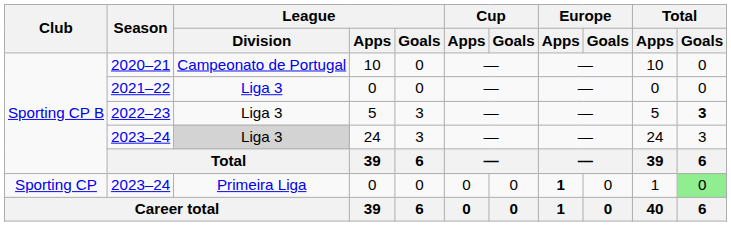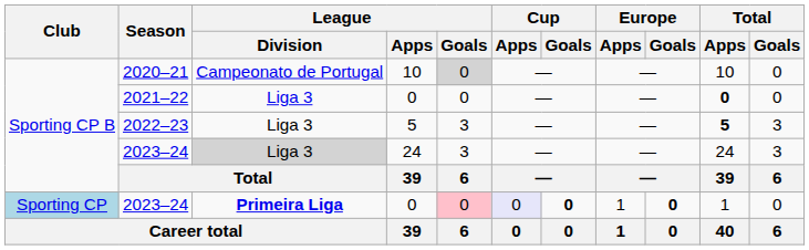 <table class="wikitable" style="text-align:center">
 <tr>
 <th rowspan="2">Club</th>
 <th rowspan="2">Season</th>
 <th colspan="3">League</th>
 <th colspan="2">Cup</th>
 <th colspan="2">Europe</th>
 <th colspan="2">Total</th>
 </tr>
 <tr>
 <th>Division</th>
 <th>Apps</th>
 <th>Goals</th>
 <th>Apps</th>
 <th>Goals</th>
 <th>Apps</th>
 <th>Goals</th>
 <th>Apps</th>
 <th>Goals</th>
 </tr>
 <tr>
 <td rowspan="5"><a href='#'>Sporting CP B</a></td>
 <td><a href='#'>2020–21</a></td>
 <td><a href='#'>Campeonato de Portugal</a></td>
 <td>10</td>
-<td>0</td>
+<td style="background: lightgrey;">0</td>
 <td colspan="2">—</td>
 <td colspan="2">—</td>
 <td>10</td>
 <td>0</td>
 </tr>
 <tr>
 <td><a href='#'>2021–22</a></td>
 <td><a href='#'>Liga 3</a></td>
 <td>0</td>
 <td>0</td>
 <td colspan="2">—</td>
 <td colspan="2">—</td>
-<td>0</td>
+<td><strong>0</strong></td>
 <td>0</td>
 </tr>
 <tr>
 <td><a href='#'>2022–23</a></td>
 <td>Liga 3</td>
 <td>5</td>
 <td>3</td>
 <td colspan="2">—</td>
 <td colspan="2">—</td>
-<td>5</td>
-<td><strong>3</strong></td>
+<td><strong>5</strong></td>
+<td>3</td>
 </tr>
 <tr>
 <td><a href='#'>2023–24</a></td>
 <td style="background: lightgrey;">Liga 3</td>
 <td>24</td>
 <td>3</td>
 <td colspan="2">—</td>
 <td colspan="2">—</td>
 <td>24</td>
 <td>3</td>
 </tr>
 <tr>
 <th colspan="2">Total</th>
 <th>39</th>
 <th>6</th>
 <th colspan="2">—</th>
 <th colspan="2">—</th>
 <th>39</th>
 <th>6</th>
 </tr>
 <tr>
-<td><a href='#'>Sporting CP</a></td>
+<td style="background: lightblue;"><a href='#'>Sporting CP</a></td>
 <td><a href='#'>2023–24</a></td>
-<td><a href='#'>Primeira Liga</a></td>
+<td><strong><a href='#'>Primeira Liga</a></strong></td>
 <td>0</td>
+<td style="background: pink;">0</td>
+<td style="background: lavender;">0</td>
+<td><strong>0</strong></td>
+<td>1</td>
+<td><strong>0</strong></td>
+<td>1</td>
 <td>0</td>
-<td>0</td>
-<td>0</td>
-<td><strong>1</strong></td>
-<td>0</td>
-<td>1</td>
-<td style="background: lightgreen;">0</td>
 </tr>
 <tr>
 <th colspan="3">Career total</th>
 <th>39</th>
 <th>6</th>
 <th>0</th>
 <th>0</th>
 <th>1</th>
 <th>0</th>
 <th>40</th>
 <th>6</th>
 </tr>
 </table>
